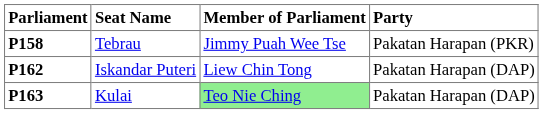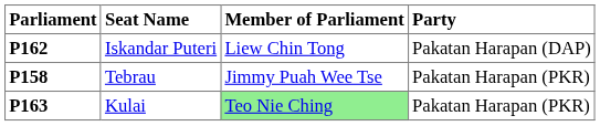 <table class="toccolours sortable" border="1" cellpadding="3" style="border-collapse:collapse; text-align: left;">
 <tr>
 <th align="center">Parliament</th>
 <th>Seat Name</th>
 <th>Member of Parliament</th>
 <th>Party</th>
 </tr>
 <tr>
+<th>P162</th>
+<td><a href='#'>Iskandar Puteri</a></td>
+<td><a href='#'>Liew Chin Tong</a></td>
+<td>Pakatan Harapan (DAP)</td>
+</tr>
+<tr>
 <th>P158</th>
 <td><a href='#'>Tebrau</a></td>
 <td><a href='#'>Jimmy Puah Wee Tse</a></td>
 <td>Pakatan Harapan (PKR)</td>
 </tr>
 <tr>
-<th>P162</th>
-<td><a href='#'>Iskandar Puteri</a></td>
-<td><a href='#'>Liew Chin Tong</a></td>
-<td>Pakatan Harapan (DAP)</td>
-</tr>
-<tr>
 <th align="left">P163</th>
 <td><a href='#'>Kulai</a></td>
 <td style="background: lightgreen;"><a href='#'>Teo Nie Ching</a></td>
-<td>Pakatan Harapan (DAP)</td>
+<td>Pakatan Harapan (PKR)</td>
 </tr>
 </table>
